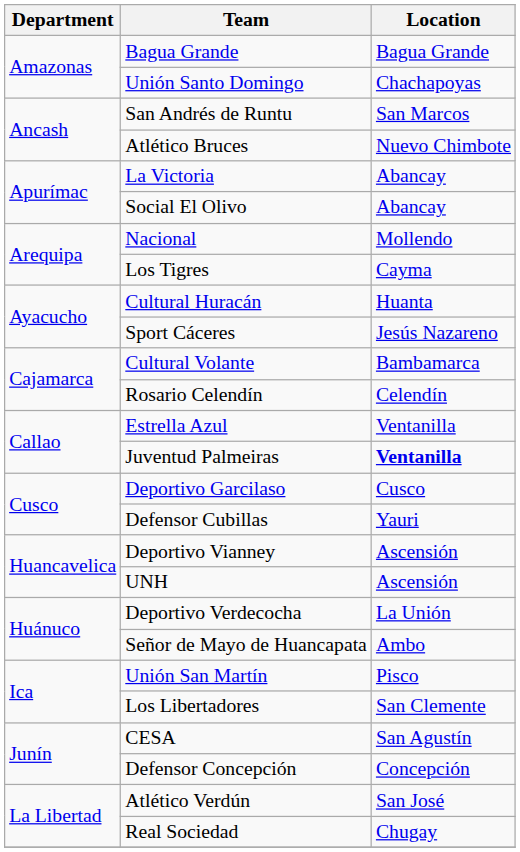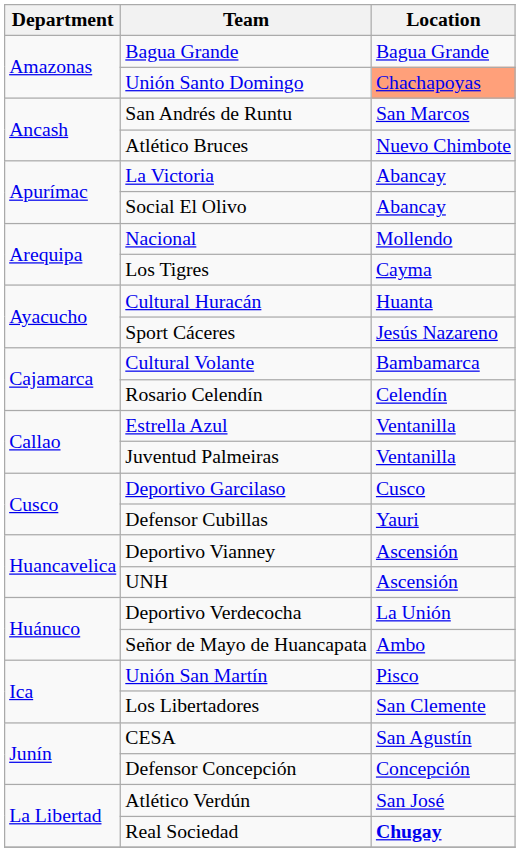 <table class="wikitable">
 <tr>
 <th>Department</th>
 <th>Team</th>
 <th>Location</th>
 </tr>
 <tr>
 <td rowspan="2"><a href='#'>Amazonas</a></td>
 <td><a href='#'>Bagua Grande</a></td>
 <td><a href='#'>Bagua Grande</a></td>
 </tr>
 <tr>
 <td><a href='#'>Unión Santo Domingo</a></td>
-<td><a href='#'>Chachapoyas</a></td>
+<td style="background: lightsalmon;"><a href='#'>Chachapoyas</a></td>
 </tr>
 <tr>
 <td rowspan="2"><a href='#'>Ancash</a></td>
 <td>San Andrés de Runtu</td>
 <td><a href='#'>San Marcos</a></td>
 </tr>
 <tr>
 <td>Atlético Bruces</td>
 <td><a href='#'>Nuevo Chimbote</a></td>
 </tr>
 <tr>
 <td rowspan="2"><a href='#'>Apurímac</a></td>
 <td><a href='#'>La Victoria</a></td>
 <td><a href='#'>Abancay</a></td>
 </tr>
 <tr>
 <td>Social El Olivo</td>
 <td><a href='#'>Abancay</a></td>
 </tr>
 <tr>
 <td rowspan="2"><a href='#'>Arequipa</a></td>
 <td><a href='#'>Nacional</a></td>
 <td><a href='#'>Mollendo</a></td>
 </tr>
 <tr>
 <td>Los Tigres</td>
 <td><a href='#'>Cayma</a></td>
 </tr>
 <tr>
 <td rowspan="2"><a href='#'>Ayacucho</a></td>
 <td><a href='#'>Cultural Huracán</a></td>
 <td><a href='#'>Huanta</a></td>
 </tr>
 <tr>
 <td>Sport Cáceres</td>
 <td><a href='#'>Jesús Nazareno</a></td>
 </tr>
 <tr>
 <td rowspan="2"><a href='#'>Cajamarca</a></td>
 <td><a href='#'>Cultural Volante</a></td>
 <td><a href='#'>Bambamarca</a></td>
 </tr>
 <tr>
 <td>Rosario Celendín</td>
 <td><a href='#'>Celendín</a></td>
 </tr>
 <tr>
 <td rowspan="2"><a href='#'>Callao</a></td>
 <td><a href='#'>Estrella Azul</a></td>
 <td><a href='#'>Ventanilla</a></td>
 </tr>
 <tr>
 <td>Juventud Palmeiras</td>
-<td><strong><a href='#'>Ventanilla</a></strong></td>
+<td><a href='#'>Ventanilla</a></td>
 </tr>
 <tr>
 <td rowspan="2"><a href='#'>Cusco</a></td>
 <td><a href='#'>Deportivo Garcilaso</a></td>
 <td><a href='#'>Cusco</a></td>
 </tr>
 <tr>
 <td>Defensor Cubillas</td>
 <td><a href='#'>Yauri</a></td>
 </tr>
 <tr>
 <td rowspan="2"><a href='#'>Huancavelica</a></td>
 <td>Deportivo Vianney</td>
 <td><a href='#'>Ascensión</a></td>
 </tr>
 <tr>
 <td>UNH</td>
 <td><a href='#'>Ascensión</a></td>
 </tr>
 <tr>
 <td rowspan="2"><a href='#'>Huánuco</a></td>
 <td>Deportivo Verdecocha</td>
 <td><a href='#'>La Unión</a></td>
 </tr>
 <tr>
 <td>Señor de Mayo de Huancapata</td>
 <td><a href='#'>Ambo</a></td>
 </tr>
 <tr>
 <td rowspan="2"><a href='#'>Ica</a></td>
 <td><a href='#'>Unión San Martín</a></td>
 <td><a href='#'>Pisco</a></td>
 </tr>
 <tr>
 <td>Los Libertadores</td>
 <td><a href='#'>San Clemente</a></td>
 </tr>
 <tr>
 <td rowspan="2"><a href='#'>Junín</a></td>
 <td>CESA</td>
 <td><a href='#'>San Agustín</a></td>
 </tr>
 <tr>
 <td>Defensor Concepción</td>
 <td><a href='#'>Concepción</a></td>
 </tr>
 <tr>
 <td rowspan="2"><a href='#'>La Libertad</a></td>
 <td>Atlético Verdún</td>
 <td><a href='#'>San José</a></td>
 </tr>
 <tr>
 <td>Real Sociedad</td>
-<td><a href='#'>Chugay</a></td>
+<td><strong><a href='#'>Chugay</a></strong></td>
 </tr>
 <tr>
 </tr>
 </table>
